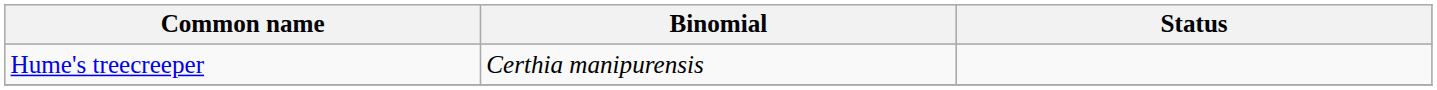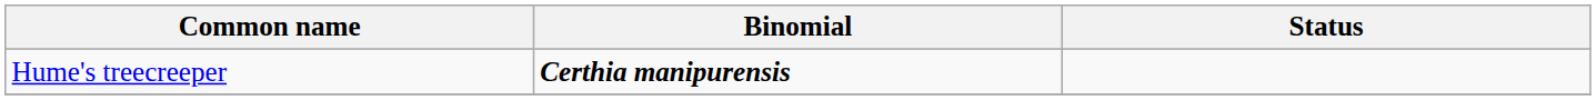 <table width=72% class="wikitable">
 <tr>
 <th width=24%>Common name</th>
 <th width=24%>Binomial</th>
 <th width=24%>Status</th>
 </tr>
 <tr>
 <td><a href='#'>Hume's treecreeper</a></td>
-<td><em>Certhia manipurensis</em></td>
+<td><strong><em>Certhia manipurensis</em></strong></td>
 <td></td>
 </tr>
 <tr>
 </tr>
 </table>
